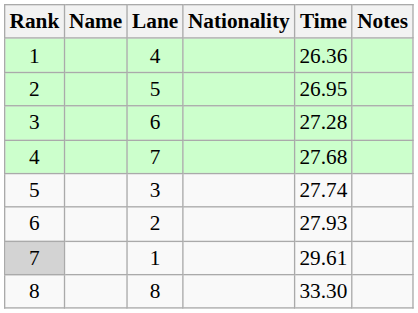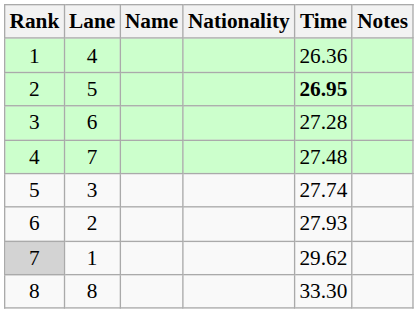 <table class="wikitable sortable" style="text-align:center">
 <tr>
 <th>Rank</th>
+<th>Lane</th>
 <th>Name</th>
-<th>Lane</th>
 <th>Nationality</th>
 <th>Time</th>
 <th>Notes</th>
 </tr>
 <tr bgcolor=ccffcc>
 <td>1</td>
+<td>4</td>
 <td align=left></td>
-<td>4</td>
 <td align=left></td>
 <td>26.36</td>
 <td><strong></strong></td>
 </tr>
 <tr bgcolor=ccffcc>
 <td>2</td>
-<td align=left></td>
 <td>5</td>
 <td align=left></td>
-<td>26.95</td>
+<td align=left></td>
+<td><strong>26.95</strong></td>
 <td><strong></strong></td>
 </tr>
 <tr bgcolor=ccffcc>
 <td>3</td>
+<td>6</td>
 <td align=left></td>
-<td>6</td>
 <td align=left></td>
 <td>27.28</td>
 <td><strong></strong></td>
 </tr>
 <tr bgcolor=ccffcc>
 <td>4</td>
-<td align=left></td>
 <td>7</td>
 <td align=left></td>
-<td>27.68</td>
+<td align=left></td>
+<td>27.48</td>
 <td><strong></strong></td>
 </tr>
 <tr>
 <td>5</td>
+<td>3</td>
 <td align=left></td>
-<td>3</td>
 <td align=left></td>
 <td>27.74</td>
 <td></td>
 </tr>
 <tr>
 <td>6</td>
+<td>2</td>
 <td align=left></td>
-<td>2</td>
 <td align=left></td>
 <td>27.93</td>
 <td></td>
 </tr>
 <tr>
 <td style="background: lightgrey;">7</td>
-<td align=left></td>
 <td>1</td>
 <td align=left></td>
-<td>29.61</td>
+<td align=left></td>
+<td>29.62</td>
 <td></td>
 </tr>
 <tr>
 <td>8</td>
+<td>8</td>
 <td align=left></td>
-<td>8</td>
 <td align=left></td>
 <td>33.30</td>
 <td></td>
 </tr>
 </table>
